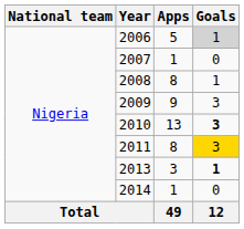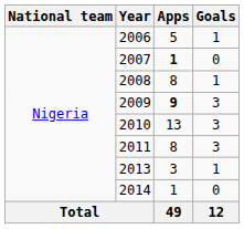 <table class="wikitable" style="text-align:center">
 <tr>
 <th>National team</th>
 <th>Year</th>
 <th>Apps</th>
 <th>Goals</th>
 </tr>
 <tr>
 <td rowspan="8"><a href='#'>Nigeria</a></td>
 <td>2006</td>
 <td>5</td>
-<td style="background: lightgrey;">1</td>
+<td>1</td>
 </tr>
 <tr>
 <td>2007</td>
-<td>1</td>
+<td><strong>1</strong></td>
 <td>0</td>
 </tr>
 <tr>
 <td>2008</td>
 <td>8</td>
 <td>1</td>
 </tr>
 <tr>
 <td>2009</td>
-<td>9</td>
+<td><strong>9</strong></td>
 <td>3</td>
 </tr>
 <tr>
 <td>2010</td>
 <td>13</td>
-<td><strong>3</strong></td>
+<td>3</td>
 </tr>
 <tr>
 <td>2011</td>
 <td>8</td>
-<td style="background: gold;">3</td>
+<td>3</td>
 </tr>
 <tr>
 <td>2013</td>
 <td>3</td>
-<td><strong>1</strong></td>
+<td>1</td>
 </tr>
 <tr>
 <td>2014</td>
 <td>1</td>
 <td>0</td>
 </tr>
 <tr>
 <th colspan="2">Total</th>
 <th>49</th>
 <th>12</th>
 </tr>
 </table>
